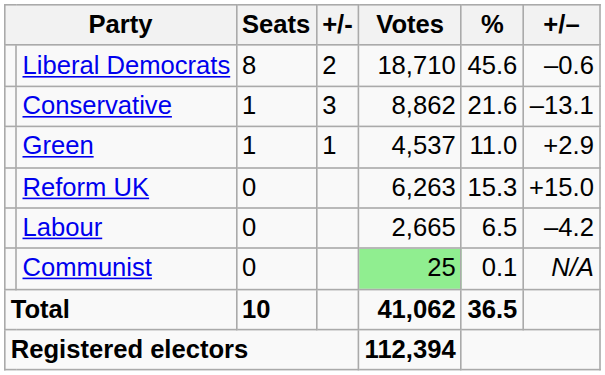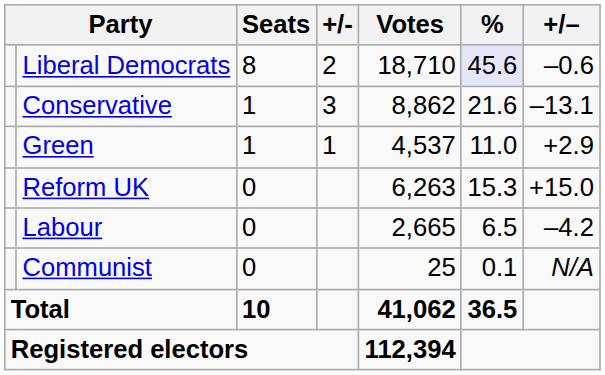 <table class="wikitable sortable">
 <tr>
 <th colspan="2">Party</th>
 <th>Seats</th>
 <th>+/-</th>
 <th>Votes</th>
 <th>%</th>
 <th>+/–</th>
 </tr>
 <tr>
 <td style="background-color: "></td>
 <td><a href='#'>Liberal Democrats</a></td>
 <td>8</td>
 <td> 2</td>
 <td style="text-align:right;">18,710</td>
-<td style="text-align:right;">45.6</td>
+<td style="background: lavender; text-align:right;">45.6</td>
 <td style="text-align:right;">–0.6</td>
 </tr>
 <tr>
 <td style="background-color: "></td>
 <td><a href='#'>Conservative</a></td>
 <td>1</td>
 <td> 3</td>
 <td style="text-align:right;">8,862</td>
 <td style="text-align:right;">21.6</td>
 <td style="text-align:right;">–13.1</td>
 </tr>
 <tr>
 <td style="background-color: "></td>
 <td><a href='#'>Green</a></td>
 <td>1</td>
 <td> 1</td>
 <td style="text-align:right;">4,537</td>
 <td style="text-align:right;">11.0</td>
 <td style="text-align:right;">+2.9</td>
 </tr>
 <tr>
 <td style="background-color: "></td>
 <td><a href='#'>Reform UK</a></td>
 <td>0</td>
 <td> </td>
 <td style="text-align:right;">6,263</td>
 <td style="text-align:right;">15.3</td>
 <td style="text-align:right;">+15.0</td>
 </tr>
 <tr>
 <td style="background-color: "></td>
 <td><a href='#'>Labour</a></td>
 <td>0</td>
 <td></td>
 <td style="text-align:right;">2,665</td>
 <td style="text-align:right;">6.5</td>
 <td style="text-align:right;">–4.2</td>
 </tr>
 <tr>
 <td style="background-color: "></td>
 <td><a href='#'>Communist</a></td>
 <td>0</td>
 <td></td>
-<td style="background: lightgreen; text-align:right;">25</td>
+<td style="text-align:right;">25</td>
 <td style="text-align:right;">0.1</td>
 <td style="text-align:right;"><em>N/A</em></td>
 </tr>
 <tr>
 <td colspan="2"><strong>Total</strong></td>
 <td><strong>10</strong></td>
 <td></td>
 <td style="text-align:right;"><strong>41,062</strong></td>
 <td style="text-align:right;"><strong>36.5</strong></td>
 <td style="text-align:right;"></td>
 </tr>
 <tr>
 <td colspan="4"><strong>Registered electors</strong></td>
 <td colspan-"3" style="text-align:left;"><strong>112,394</strong></td>
 </tr>
 </table>
